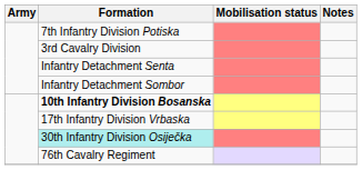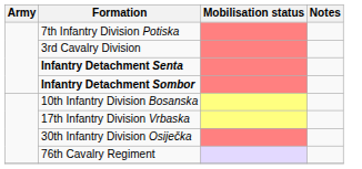 <table class="wikitable">
 <tr>
 <th scope="col">Army</th>
 <th scope="col">Formation</th>
 <th scope="col">Mobilisation status</th>
 <th scope="col">Notes</th>
 </tr>
 <tr>
 <td rowspan=4></td>
 <td>7th Infantry Division <em>Potiska</em></td>
 <td bgcolor="FF8080"></td>
 <td></td>
 </tr>
 <tr>
 <td>3rd Cavalry Division</td>
 <td bgcolor="FF8080"></td>
 <td></td>
 </tr>
 <tr>
-<td>Infantry Detachment <em>Senta</em></td>
+<td><strong>Infantry Detachment <em>Senta</em></strong></td>
 <td bgcolor="FF8080"></td>
 <td></td>
 </tr>
 <tr>
-<td>Infantry Detachment <em>Sombor</em></td>
+<td><strong>Infantry Detachment <em>Sombor</em></strong></td>
 <td bgcolor="FF8080"></td>
 <td></td>
 </tr>
 <tr>
 <td rowspan=4></td>
-<td><strong>10th Infantry Division <em>Bosanska</em></strong></td>
+<td>10th Infantry Division <em>Bosanska</em></td>
 <td bgcolor="FFFF80"></td>
 <td></td>
 </tr>
 <tr>
 <td>17th Infantry Division <em>Vrbaska</em></td>
 <td bgcolor="FFFF80"></td>
 <td></td>
 </tr>
 <tr>
-<td style="background: paleturquoise;">30th Infantry Division <em>Osiječka </em></td>
+<td>30th Infantry Division <em>Osiječka </em></td>
 <td bgcolor="FF8080"></td>
 <td></td>
 </tr>
 <tr>
 <td>76th Cavalry Regiment</td>
 <td bgcolor="e3d9ff"></td>
 <td></td>
 </tr>
 <tr>
 </tr>
 </table>
